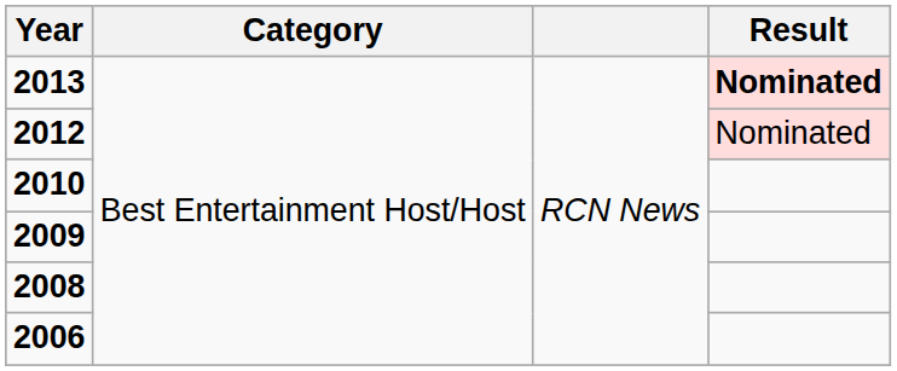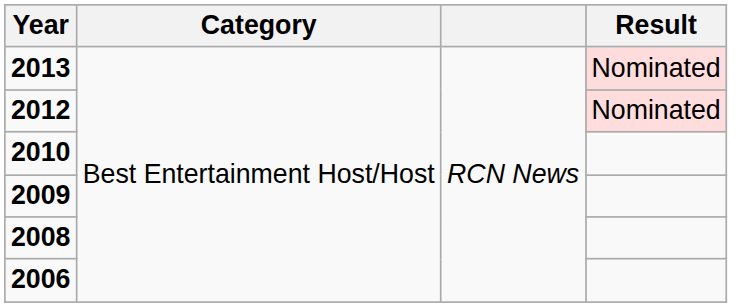 <table class="wikitable">
 <tr>
 <th><strong>Year</strong></th>
 <th><strong>Category</strong></th>
 <th></th>
 <th><strong>Result</strong></th>
 </tr>
 <tr>
 <td><strong>2013</strong></td>
 <td rowspan="6">Best Entertainment Host/Host</td>
 <td rowspan="6"><em>RCN News</em></td>
-<td style="background: #fdd;"><strong>Nominated</strong></td>
+<td style="background: #fdd;">Nominated</td>
 </tr>
 <tr>
 <td><strong>2012</strong></td>
 <td style="background: #fdd;">Nominated</td>
 </tr>
 <tr>
 <td><strong>2010</strong></td>
 <td></td>
 </tr>
 <tr>
 <td><strong>2009</strong></td>
 <td></td>
 </tr>
 <tr>
 <td><strong>2008</strong></td>
 <td></td>
 </tr>
 <tr>
 <td><strong>2006</strong></td>
 <td></td>
 </tr>
 </table>
